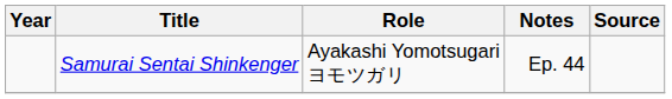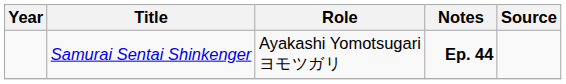 <table class="wikitable sortable plainrowheaders">
 <tr>
 <th>Year</th>
 <th>Title</th>
 <th>Role</th>
 <th class="unsortable">Notes</th>
 <th class="unsortable">Source</th>
 </tr>
 <tr>
 <td></td>
 <td><em><a href='#'>Samurai Sentai Shinkenger</a></em></td>
 <td>Ayakashi Yomotsugari<br>ヨモツガリ</td>
-<td>　Ep. 44</td>
+<td><strong>　Ep. 44</strong></td>
 <td></td>
 </tr>
 <tr>
 </tr>
 </table>
